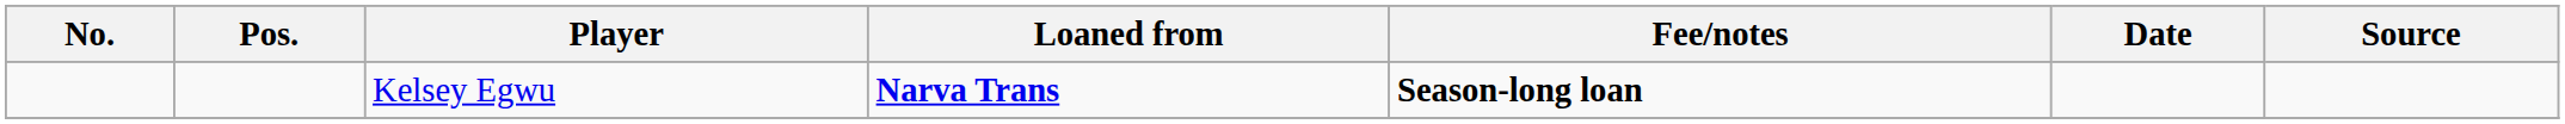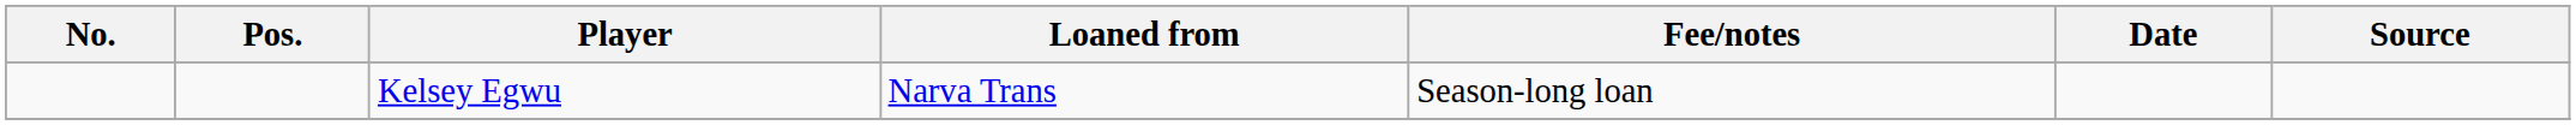 <table class="wikitable sortable" style="width:90%; text-align:center; font-size:95%; text-align:left;">
 <tr>
 <th>No.</th>
 <th>Pos.</th>
 <th>Player</th>
 <th>Loaned from</th>
 <th>Fee/notes</th>
 <th>Date</th>
 <th>Source</th>
 </tr>
 <tr>
 <td align=center></td>
 <td align=center></td>
 <td align=Egwu, Kelsey> <a href='#'>Kelsey Egwu</a></td>
-<td><strong> <a href='#'>Narva Trans</a></strong></td>
-<td><strong>Season-long loan</strong></td>
+<td> <a href='#'>Narva Trans</a></td>
+<td>Season-long loan</td>
 <td></td>
 <td></td>
 </tr>
 <tr>
 </tr>
 </table>
